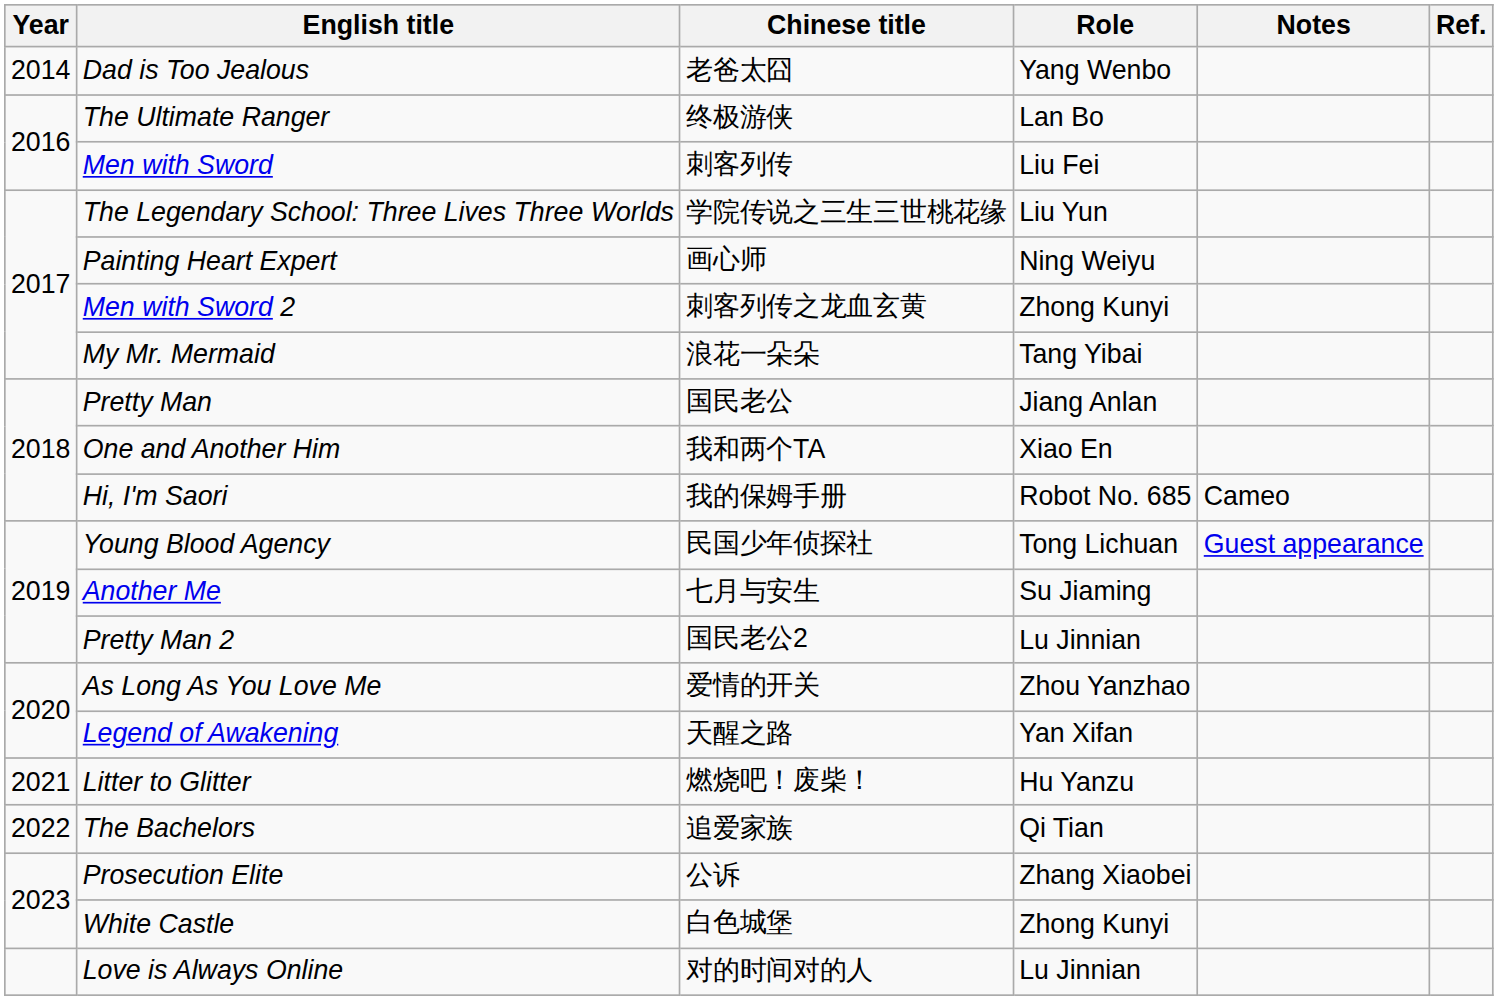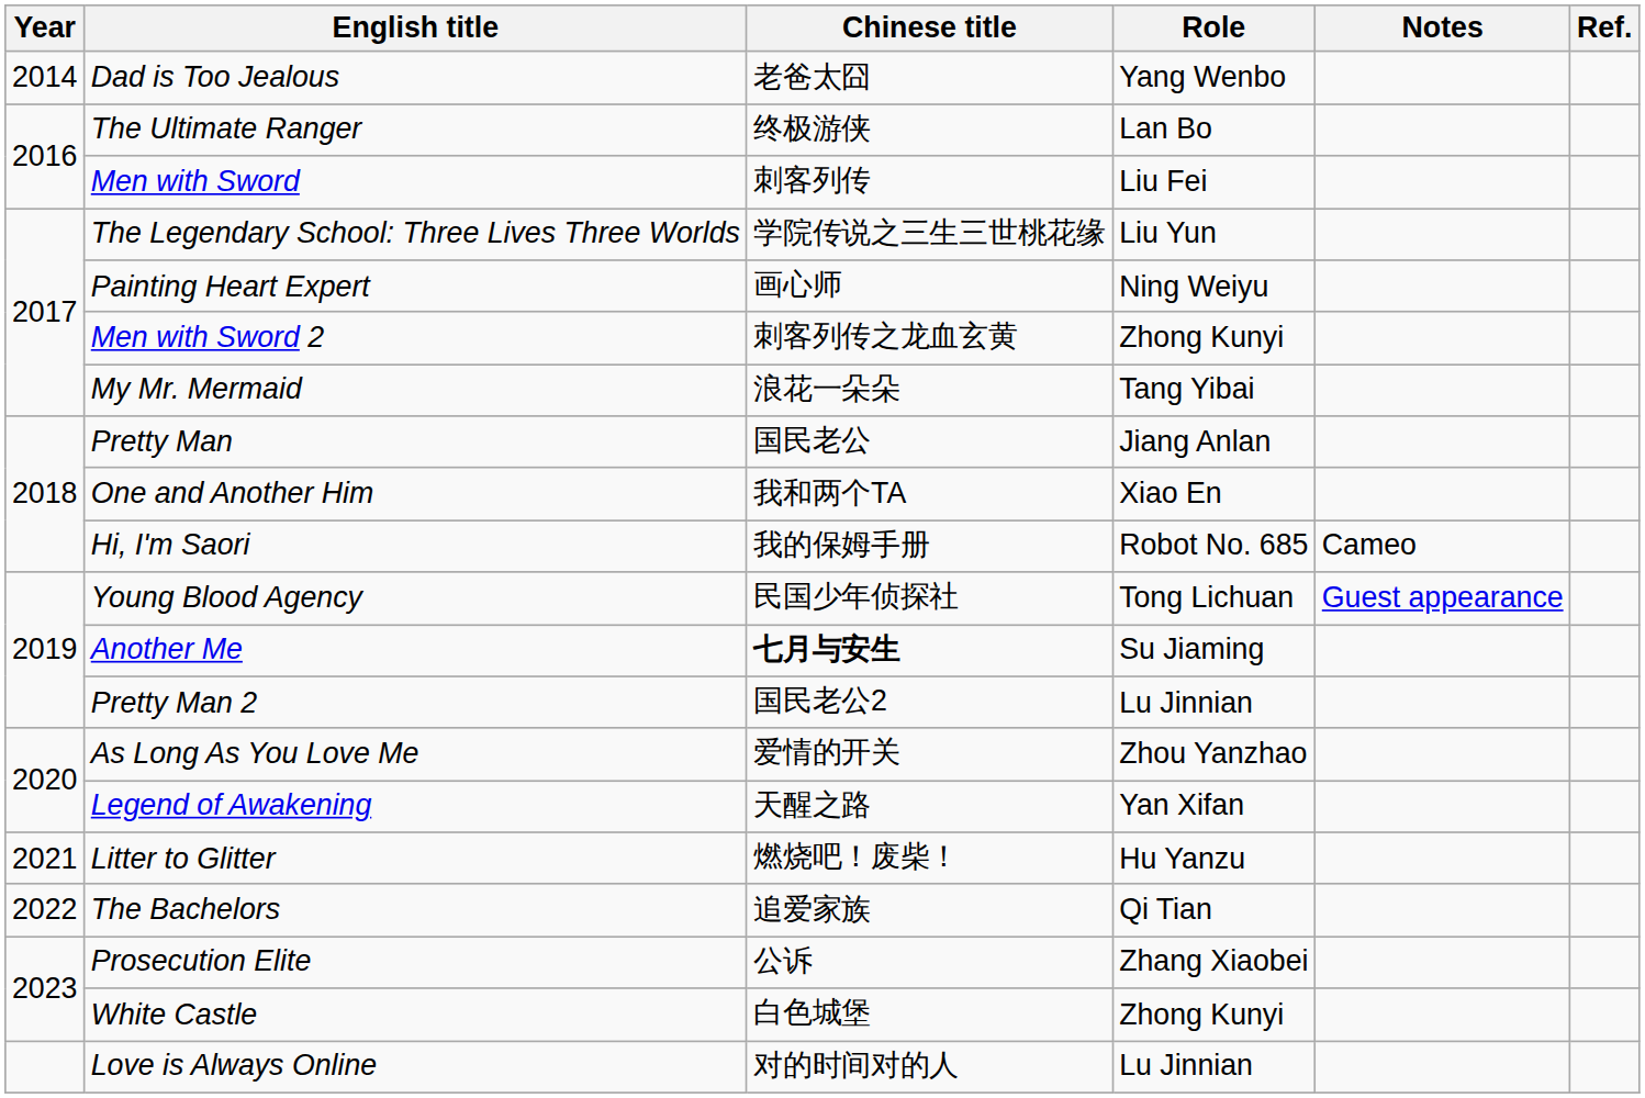 <table class="wikitable sortable">
 <tr>
 <th>Year</th>
 <th>English title</th>
 <th>Chinese title</th>
 <th>Role</th>
 <th>Notes</th>
 <th>Ref.</th>
 </tr>
 <tr>
 <td>2014</td>
 <td><em>Dad is Too Jealous</em></td>
 <td>老爸太囧</td>
 <td>Yang Wenbo</td>
 <td></td>
 <td></td>
 </tr>
 <tr>
 <td rowspan=2>2016</td>
 <td><em>The Ultimate Ranger</em></td>
 <td>终极游侠</td>
 <td>Lan Bo</td>
 <td></td>
 <td></td>
 </tr>
 <tr>
 <td><em><a href='#'>Men with Sword</a></em></td>
 <td>刺客列传</td>
 <td>Liu Fei</td>
 <td></td>
 <td></td>
 </tr>
 <tr>
 <td rowspan=4>2017</td>
 <td><em>The Legendary School: Three Lives Three Worlds</em></td>
 <td>学院传说之三生三世桃花缘</td>
 <td>Liu Yun</td>
 <td></td>
 <td></td>
 </tr>
 <tr>
 <td><em>Painting Heart Expert</em></td>
 <td>画心师</td>
 <td>Ning Weiyu</td>
 <td></td>
 <td></td>
 </tr>
 <tr>
 <td><em><a href='#'>Men with Sword</a> 2</em></td>
 <td>刺客列传之龙血玄黄</td>
 <td>Zhong Kunyi</td>
 <td></td>
 <td></td>
 </tr>
 <tr>
 <td><em>My Mr. Mermaid</em></td>
 <td>浪花一朵朵</td>
 <td>Tang Yibai</td>
 <td></td>
 <td></td>
 </tr>
 <tr>
 <td rowspan=3>2018</td>
 <td><em>Pretty Man</em></td>
 <td>国民老公</td>
 <td>Jiang Anlan</td>
 <td></td>
 <td></td>
 </tr>
 <tr>
 <td><em>One and Another Him</em></td>
 <td>我和两个TA</td>
 <td>Xiao En</td>
 <td></td>
 <td></td>
 </tr>
 <tr>
 <td><em>Hi, I'm Saori</em></td>
 <td>我的保姆手册</td>
 <td>Robot No. 685</td>
 <td>Cameo</td>
 <td></td>
 </tr>
 <tr>
 <td rowspan=3>2019</td>
 <td><em>Young Blood Agency</em></td>
 <td>民国少年侦探社</td>
 <td>Tong Lichuan</td>
 <td><a href='#'>Guest appearance</a></td>
 <td></td>
 </tr>
 <tr>
 <td><em><a href='#'>Another Me</a></em></td>
-<td>七月与安生</td>
+<td><strong>七月与安生</strong></td>
 <td>Su Jiaming</td>
 <td></td>
 <td></td>
 </tr>
 <tr>
 <td><em>Pretty Man 2</em></td>
 <td>国民老公2</td>
 <td>Lu Jinnian</td>
 <td></td>
 <td></td>
 </tr>
 <tr>
 <td rowspan=2>2020</td>
 <td><em>As Long As You Love Me</em></td>
 <td>爱情的开关</td>
 <td>Zhou Yanzhao</td>
 <td></td>
 <td></td>
 </tr>
 <tr>
 <td><em><a href='#'>Legend of Awakening</a></em></td>
 <td>天醒之路</td>
 <td>Yan Xifan</td>
 <td></td>
 <td></td>
 </tr>
 <tr>
 <td>2021</td>
 <td><em>Litter to Glitter</em></td>
 <td>燃烧吧！废柴！</td>
 <td>Hu Yanzu</td>
 <td></td>
 <td></td>
 </tr>
 <tr>
 <td>2022</td>
 <td><em>The Bachelors</em></td>
 <td>追爱家族</td>
 <td>Qi Tian</td>
 <td></td>
 <td></td>
 </tr>
 <tr>
 <td rowspan=2>2023</td>
 <td><em>Prosecution Elite</em></td>
 <td>公诉</td>
 <td>Zhang Xiaobei</td>
 <td></td>
 <td></td>
 </tr>
 <tr>
 <td><em>White Castle</em></td>
 <td>白色城堡</td>
 <td>Zhong Kunyi</td>
 <td></td>
 <td></td>
 </tr>
 <tr>
 <td></td>
 <td><em>Love is Always Online</em></td>
 <td>对的时间对的人</td>
 <td>Lu Jinnian</td>
 <td></td>
 <td></td>
 </tr>
 </table>
